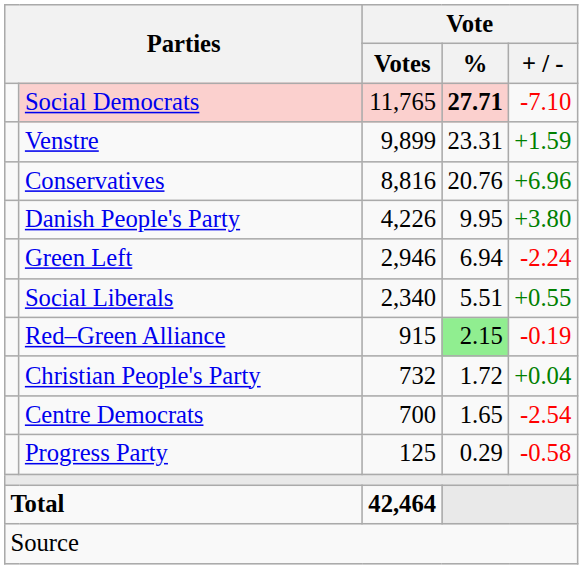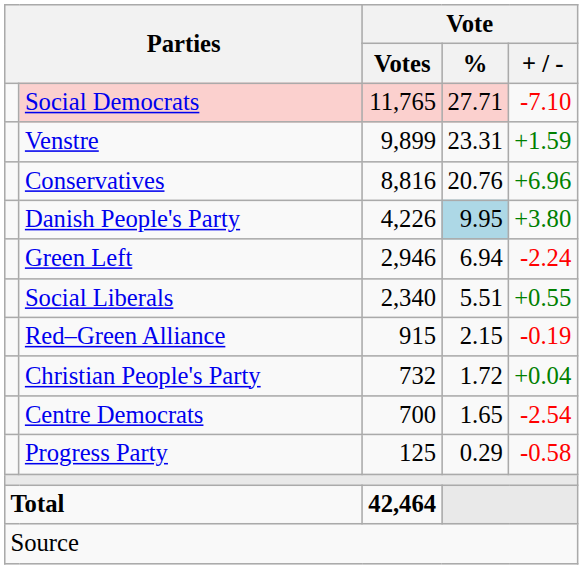 <table class="wikitable" style="text-align:right;">
 <tr>
 <th style="text-align:centre;" rowspan="2" colspan="2" width="225">Parties</th>
 <th colspan="3">Vote</th>
 </tr>
 <tr>
 <th width="15">Votes</th>
 <th width="15">%</th>
 <th width="15">+ / -</th>
 </tr>
 <tr>
 <td width="2" style="color:inherit;background:"></td>
 <td bgcolor=#fbd0ce  align="left"><a href='#'>Social Democrats</a></td>
 <td bgcolor=#fbd0ce>11,765</td>
-<td bgcolor=#fbd0ce><strong>27.71</strong></td>
+<td bgcolor=#fbd0ce>27.71</td>
 <td style=color:red;>-7.10</td>
 </tr>
 <tr>
 <td width="2" style="color:inherit;background:"></td>
 <td align="left"><a href='#'>Venstre</a></td>
 <td>9,899</td>
 <td>23.31</td>
 <td style=color:green;>+1.59</td>
 </tr>
 <tr>
 <td width="2" style="color:inherit;background:"></td>
 <td align="left"><a href='#'>Conservatives</a></td>
 <td>8,816</td>
 <td>20.76</td>
 <td style=color:green;>+6.96</td>
 </tr>
 <tr>
 <td width="2" style="color:inherit;background:"></td>
 <td align="left"><a href='#'>Danish People's Party</a></td>
 <td>4,226</td>
-<td>9.95</td>
+<td style="background: lightblue;">9.95</td>
 <td style=color:green;>+3.80</td>
 </tr>
 <tr>
 <td width="2" style="color:inherit;background:"></td>
 <td align="left"><a href='#'>Green Left</a></td>
 <td>2,946</td>
 <td>6.94</td>
 <td style=color:red;>-2.24</td>
 </tr>
 <tr>
 <td width="2" style="color:inherit;background:"></td>
 <td align="left"><a href='#'>Social Liberals</a></td>
 <td>2,340</td>
 <td>5.51</td>
 <td style=color:green;>+0.55</td>
 </tr>
 <tr>
 <td width="2" style="color:inherit;background:"></td>
 <td align="left"><a href='#'>Red–Green Alliance</a></td>
 <td>915</td>
-<td style="background: lightgreen;">2.15</td>
+<td>2.15</td>
 <td style=color:red;>-0.19</td>
 </tr>
 <tr>
 <td width="2" style="color:inherit;background:"></td>
 <td align="left"><a href='#'>Christian People's Party</a></td>
 <td>732</td>
 <td>1.72</td>
 <td style=color:green;>+0.04</td>
 </tr>
 <tr>
 <td width="2" style="color:inherit;background:"></td>
 <td align="left"><a href='#'>Centre Democrats</a></td>
 <td>700</td>
 <td>1.65</td>
 <td style=color:red;>-2.54</td>
 </tr>
 <tr>
 <td width="2" style="color:inherit;background:"></td>
 <td align="left"><a href='#'>Progress Party</a></td>
 <td>125</td>
 <td>0.29</td>
 <td style=color:red;>-0.58</td>
 </tr>
 <tr>
 <td colspan="7" bgcolor="#E9E9E9"></td>
 </tr>
 <tr>
 <td align="left" colspan="2"><strong>Total</strong></td>
 <td><strong>42,464</strong></td>
 <td bgcolor="#E9E9E9" colspan="2"></td>
 </tr>
 <tr>
 <td align="left" colspan="6">Source</td>
 </tr>
 </table>
